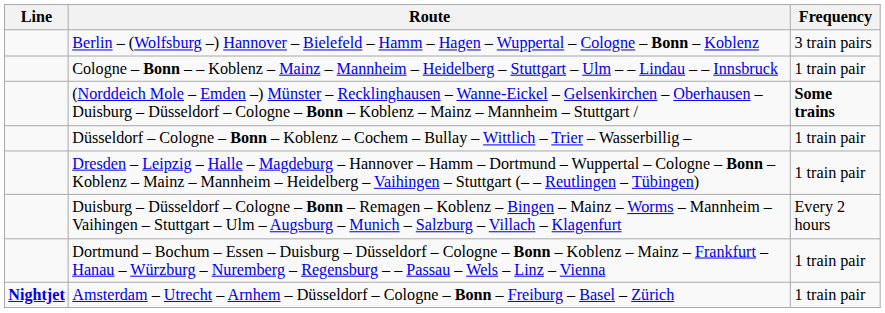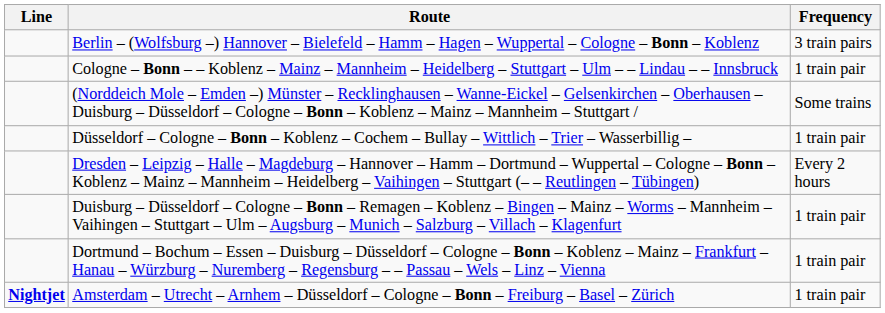 <table class="wikitable">
 <tr>
 <th>Line</th>
 <th>Route</th>
 <th>Frequency</th>
 </tr>
 <tr>
 <td></td>
 <td> <a href='#'>Berlin</a> – (<a href='#'>Wolfsburg</a> –) <a href='#'>Hannover</a> – <a href='#'>Bielefeld</a> – <a href='#'>Hamm</a> – <a href='#'>Hagen</a> – <a href='#'>Wuppertal</a> – <a href='#'>Cologne</a> – <strong>Bonn</strong> – <a href='#'>Koblenz</a></td>
 <td>3 train pairs</td>
 </tr>
 <tr>
 <td></td>
 <td>Cologne – <strong>Bonn</strong> –  – Koblenz – <a href='#'>Mainz</a> – <a href='#'>Mannheim</a> – <a href='#'>Heidelberg</a> – <a href='#'>Stuttgart</a> – <a href='#'>Ulm</a> –  – <a href='#'>Lindau</a> –  –  <a href='#'>Innsbruck</a></td>
 <td>1 train pair</td>
 </tr>
 <tr>
 <td></td>
 <td>(<a href='#'>Norddeich Mole</a> – <a href='#'>Emden</a> –) <a href='#'>Münster</a> – <a href='#'>Recklinghausen</a> – <a href='#'>Wanne-Eickel</a> – <a href='#'>Gelsenkirchen</a> – <a href='#'>Oberhausen</a> – Duisburg – Düsseldorf – Cologne – <strong>Bonn</strong> – Koblenz – Mainz – Mannheim – Stuttgart / </td>
-<td><strong>Some trains</strong></td>
+<td>Some trains</td>
 </tr>
 <tr>
 <td></td>
 <td>Düsseldorf – Cologne – <strong>Bonn</strong> – Koblenz – Cochem – Bullay – <a href='#'>Wittlich</a> – <a href='#'>Trier</a> – Wasserbillig – </td>
 <td>1 train pair</td>
 </tr>
 <tr>
 <td></td>
 <td><a href='#'>Dresden</a> – <a href='#'>Leipzig</a> – <a href='#'>Halle</a> – <a href='#'>Magdeburg</a> – Hannover – Hamm – Dortmund – Wuppertal – Cologne – <strong>Bonn</strong> – Koblenz – Mainz – Mannheim – Heidelberg – <a href='#'>Vaihingen</a> – Stuttgart (–  – <a href='#'>Reutlingen</a> – <a href='#'>Tübingen</a>)</td>
-<td>1 train pair</td>
+<td>Every 2 hours</td>
 </tr>
 <tr>
 <td></td>
 <td>Duisburg – Düsseldorf – Cologne – <strong>Bonn</strong> – Remagen – Koblenz – <a href='#'>Bingen</a> – Mainz – <a href='#'>Worms</a> – Mannheim – Vaihingen – Stuttgart – Ulm – <a href='#'>Augsburg</a> – <a href='#'>Munich</a> – <a href='#'>Salzburg</a> – <a href='#'>Villach</a> – <a href='#'>Klagenfurt</a></td>
-<td>Every 2 hours</td>
+<td>1 train pair</td>
 </tr>
 <tr>
 <td></td>
 <td>Dortmund – Bochum – Essen – Duisburg – Düsseldorf – Cologne – <strong>Bonn</strong> – Koblenz – Mainz –  <a href='#'>Frankfurt</a> – <a href='#'>Hanau</a> – <a href='#'>Würzburg</a> – <a href='#'>Nuremberg</a> – <a href='#'>Regensburg</a> –  – <a href='#'>Passau</a> – <a href='#'>Wels</a> – <a href='#'>Linz</a> –   <a href='#'>Vienna</a></td>
 <td>1 train pair</td>
 </tr>
 <tr>
 <td><strong><a href='#'>Nightjet</a></strong></td>
 <td><a href='#'>Amsterdam</a> – <a href='#'>Utrecht</a> – <a href='#'>Arnhem</a> – Düsseldorf – Cologne – <strong>Bonn</strong> – <a href='#'>Freiburg</a> – <a href='#'>Basel</a> – <a href='#'>Zürich</a></td>
 <td>1 train pair</td>
 </tr>
 </table>
